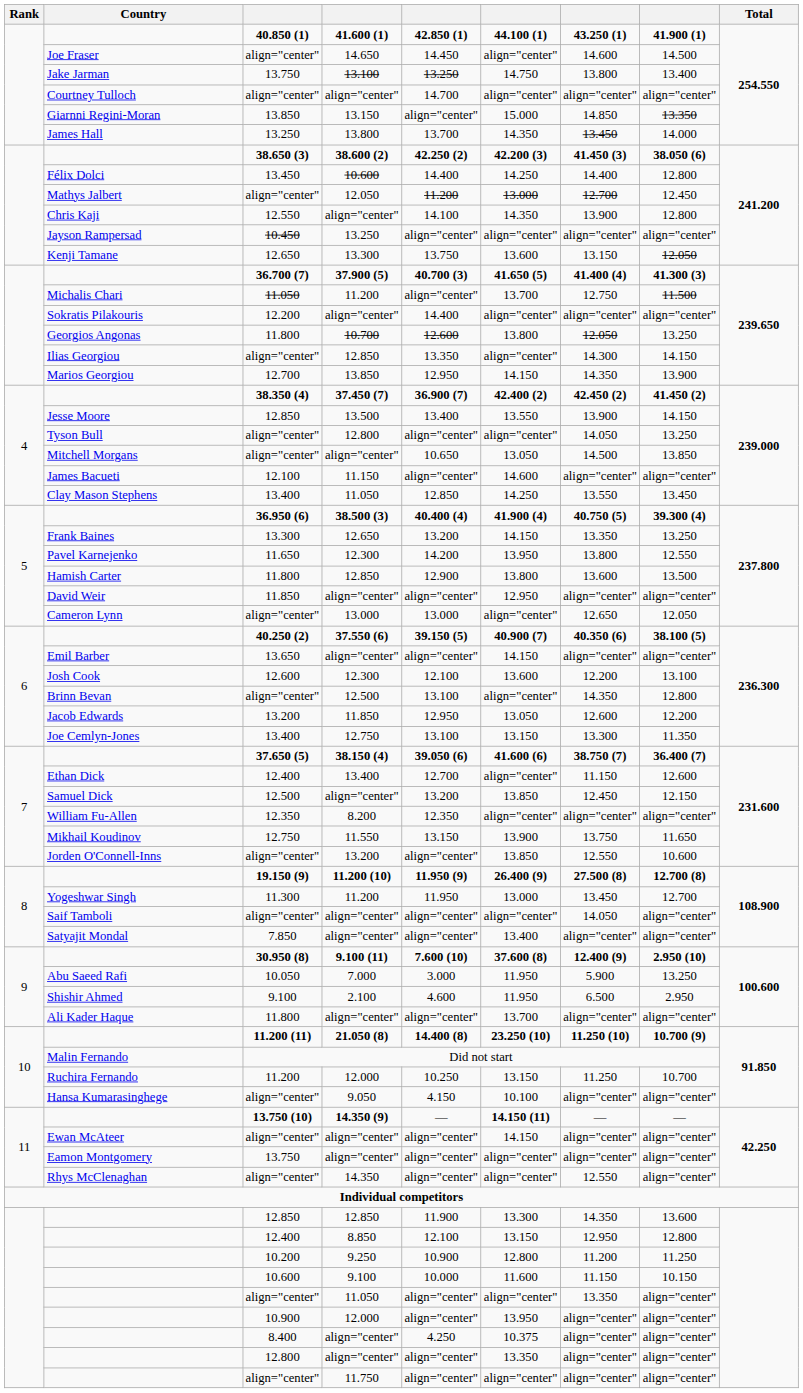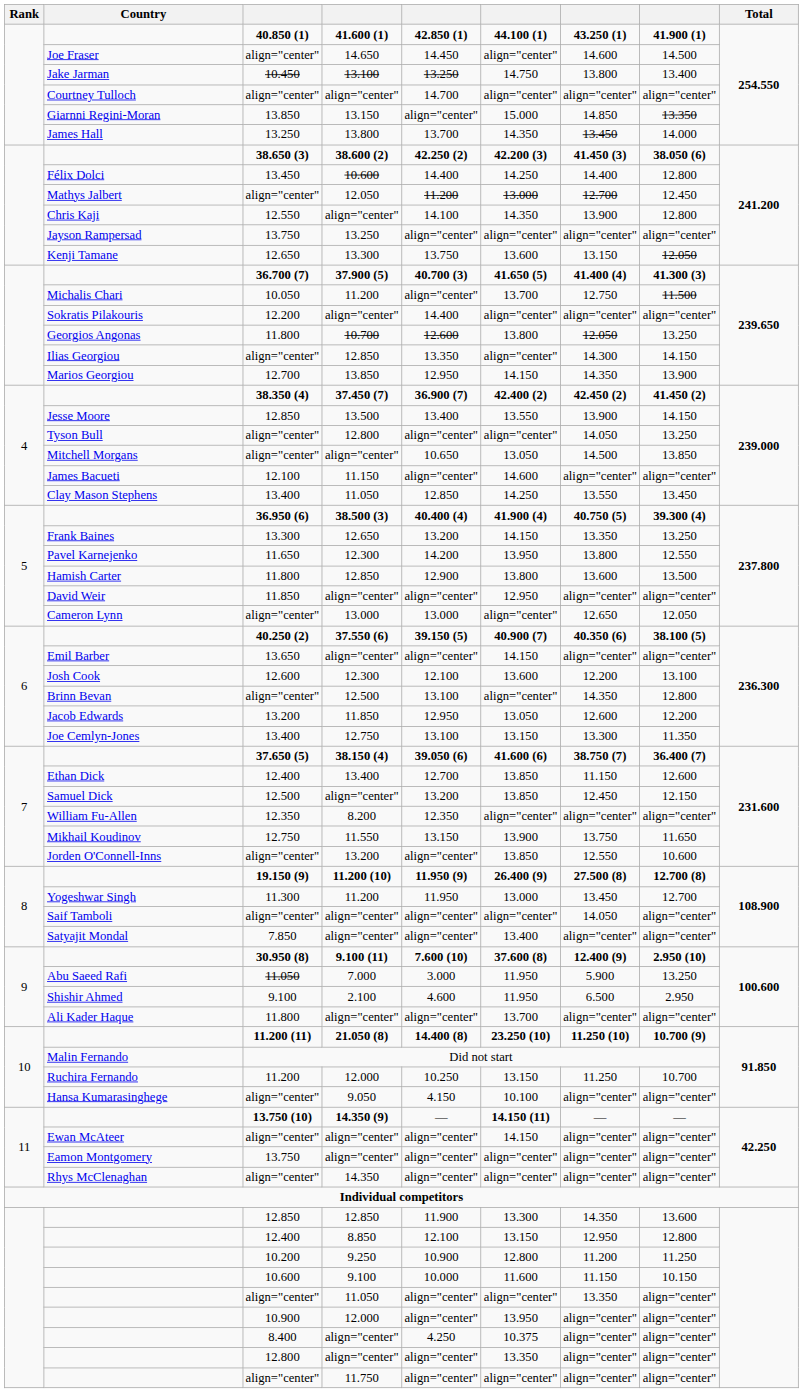 <table class="wikitable">
 <tr>
 <th width="5%">Rank</th>
 <th width="25%">Country</th>
 <th width="10%"></th>
 <th width="10%"></th>
 <th width="10%"></th>
 <th width="10%"></th>
 <th width="10%"></th>
 <th width="10%"></th>
 <th width="10%">Total</th>
 </tr>
 <tr>
 <td rowspan="6" align="center"></td>
 <td><strong></strong></td>
 <td align="center"><strong>40.850 (1)</strong></td>
 <td align="center"><strong>41.600 (1)</strong></td>
 <td align="center"><strong>42.850 (1)</strong></td>
 <td align="center"><strong>44.100 (1)</strong></td>
 <td align="center"><strong>43.250 (1)</strong></td>
 <td align="center"><strong>41.900 (1)</strong></td>
 <td rowspan="6" align="center"><strong>254.550</strong></td>
 </tr>
 <tr>
 <td><a href='#'>Joe Fraser</a></td>
 <td>align="center" </td>
 <td align="center">14.650</td>
 <td align="center">14.450</td>
 <td>align="center" </td>
 <td align="center">14.600</td>
 <td align="center">14.500</td>
 </tr>
 <tr>
 <td><a href='#'>Jake Jarman</a></td>
-<td align="center">13.750</td>
+<td align="center"><s>10.450</s></td>
 <td align="center"><s>13.100</s></td>
 <td align="center"><s>13.250</s></td>
 <td align="center">14.750</td>
 <td align="center">13.800</td>
 <td align="center">13.400</td>
 </tr>
 <tr>
 <td><a href='#'>Courtney Tulloch</a></td>
 <td>align="center" </td>
 <td>align="center" </td>
 <td align="center">14.700</td>
 <td>align="center" </td>
 <td>align="center" </td>
 <td>align="center" </td>
 </tr>
 <tr>
 <td><a href='#'>Giarnni Regini-Moran</a></td>
 <td align="center">13.850</td>
 <td align="center">13.150</td>
 <td>align="center" </td>
 <td align="center">15.000</td>
 <td align="center">14.850</td>
 <td align="center"><s>13.350</s></td>
 </tr>
 <tr>
 <td><a href='#'>James Hall</a></td>
 <td align="center">13.250</td>
 <td align="center">13.800</td>
 <td align="center">13.700</td>
 <td align="center">14.350</td>
 <td align="center"><s>13.450</s></td>
 <td align="center">14.000</td>
 </tr>
 <tr>
 <td rowspan="6" align="center"></td>
 <td><strong></strong></td>
 <td align="center"><strong>38.650 (3)</strong></td>
 <td align="center"><strong>38.600 (2)</strong></td>
 <td align="center"><strong>42.250 (2)</strong></td>
 <td align="center"><strong>42.200 (3)</strong></td>
 <td align="center"><strong>41.450 (3)</strong></td>
 <td align="center"><strong>38.050 (6)</strong></td>
 <td rowspan="6" align="center"><strong>241.200</strong></td>
 </tr>
 <tr>
 <td><a href='#'>Félix Dolci</a></td>
 <td align="center">13.450</td>
 <td align="center"><s>10.600</s></td>
 <td align="center">14.400</td>
 <td align="center">14.250</td>
 <td align="center">14.400</td>
 <td align="center">12.800</td>
 </tr>
 <tr>
 <td><a href='#'>Mathys Jalbert</a></td>
 <td>align="center" </td>
 <td align="center">12.050</td>
 <td align="center"><s>11.200</s></td>
 <td align="center"><s>13.000</s></td>
 <td align="center"><s>12.700</s></td>
 <td align="center">12.450</td>
 </tr>
 <tr>
 <td><a href='#'>Chris Kaji</a></td>
 <td align="center">12.550</td>
 <td>align="center" </td>
 <td align="center">14.100</td>
 <td align="center">14.350</td>
 <td align="center">13.900</td>
 <td align="center">12.800</td>
 </tr>
 <tr>
 <td><a href='#'>Jayson Rampersad</a></td>
-<td align="center"><s>10.450</s></td>
+<td align="center">13.750</td>
 <td align="center">13.250</td>
 <td>align="center" </td>
 <td>align="center" </td>
 <td>align="center" </td>
 <td>align="center" </td>
 </tr>
 <tr>
 <td><a href='#'>Kenji Tamane</a></td>
 <td align="center">12.650</td>
 <td align="center">13.300</td>
 <td align="center">13.750</td>
 <td align="center">13.600</td>
 <td align="center">13.150</td>
 <td align="center"><s>12.050</s></td>
 </tr>
 <tr>
 <td rowspan="6" align="center"></td>
 <td><strong></strong></td>
 <td align="center"><strong>36.700 (7)</strong></td>
 <td align="center"><strong>37.900 (5)</strong></td>
 <td align="center"><strong>40.700 (3)</strong></td>
 <td align="center"><strong>41.650 (5)</strong></td>
 <td align="center"><strong>41.400 (4)</strong></td>
 <td align="center"><strong>41.300 (3)</strong></td>
 <td rowspan="6" align="center"><strong>239.650</strong></td>
 </tr>
 <tr>
 <td><a href='#'>Michalis Chari</a></td>
-<td align="center"><s>11.050</s></td>
+<td align="center">10.050</td>
 <td align="center">11.200</td>
 <td>align="center" </td>
 <td align="center">13.700</td>
 <td align="center">12.750</td>
 <td align="center"><s>11.500</s></td>
 </tr>
 <tr>
 <td><a href='#'>Sokratis Pilakouris</a></td>
 <td align="center">12.200</td>
 <td>align="center" </td>
 <td align="center">14.400</td>
 <td>align="center" </td>
 <td>align="center" </td>
 <td>align="center" </td>
 </tr>
 <tr>
 <td><a href='#'>Georgios Angonas</a></td>
 <td align="center">11.800</td>
 <td align="center"><s>10.700</s></td>
 <td align="center"><s>12.600</s></td>
 <td align="center">13.800</td>
 <td align="center"><s>12.050</s></td>
 <td align="center">13.250</td>
 </tr>
 <tr>
 <td><a href='#'>Ilias Georgiou</a></td>
 <td>align="center" </td>
 <td align="center">12.850</td>
 <td align="center">13.350</td>
 <td>align="center" </td>
 <td align="center">14.300</td>
 <td align="center">14.150</td>
 </tr>
 <tr>
 <td><a href='#'>Marios Georgiou</a></td>
 <td align="center">12.700</td>
 <td align="center">13.850</td>
 <td align="center">12.950</td>
 <td align="center">14.150</td>
 <td align="center">14.350</td>
 <td align="center">13.900</td>
 </tr>
 <tr>
 <td rowspan="6" align="center">4</td>
 <td><strong></strong></td>
 <td align="center"><strong>38.350 (4)</strong></td>
 <td align="center"><strong>37.450 (7)</strong></td>
 <td align="center"><strong>36.900 (7)</strong></td>
 <td align="center"><strong>42.400 (2)</strong></td>
 <td align="center"><strong>42.450 (2)</strong></td>
 <td align="center"><strong>41.450 (2)</strong></td>
 <td rowspan="6" align="center"><strong>239.000</strong></td>
 </tr>
 <tr>
 <td><a href='#'>Jesse Moore</a></td>
 <td align="center">12.850</td>
 <td align="center">13.500</td>
 <td align="center">13.400</td>
 <td align="center">13.550</td>
 <td align="center">13.900</td>
 <td align="center">14.150</td>
 </tr>
 <tr>
 <td><a href='#'>Tyson Bull</a></td>
 <td>align="center" </td>
 <td align="center">12.800</td>
 <td>align="center" </td>
 <td>align="center" </td>
 <td align="center">14.050</td>
 <td align="center">13.250</td>
 </tr>
 <tr>
 <td><a href='#'>Mitchell Morgans</a></td>
 <td>align="center" </td>
 <td>align="center" </td>
 <td align="center">10.650</td>
 <td align="center">13.050</td>
 <td align="center">14.500</td>
 <td align="center">13.850</td>
 </tr>
 <tr>
 <td><a href='#'>James Bacueti</a></td>
 <td align="center">12.100</td>
 <td align="center">11.150</td>
 <td>align="center" </td>
 <td align="center">14.600</td>
 <td>align="center" </td>
 <td>align="center" </td>
 </tr>
 <tr>
 <td><a href='#'>Clay Mason Stephens</a></td>
 <td align="center">13.400</td>
 <td align="center">11.050</td>
 <td align="center">12.850</td>
 <td align="center">14.250</td>
 <td align="center">13.550</td>
 <td align="center">13.450</td>
 </tr>
 <tr>
 <td rowspan="6" align="center">5</td>
 <td><strong></strong></td>
 <td align="center"><strong>36.950 (6)</strong></td>
 <td align="center"><strong>38.500 (3)</strong></td>
 <td align="center"><strong>40.400 (4)</strong></td>
 <td align="center"><strong>41.900 (4)</strong></td>
 <td align="center"><strong>40.750 (5)</strong></td>
 <td align="center"><strong>39.300 (4)</strong></td>
 <td rowspan="6" align="center"><strong>237.800</strong></td>
 </tr>
 <tr>
 <td><a href='#'>Frank Baines</a></td>
 <td align="center">13.300</td>
 <td align="center">12.650</td>
 <td align="center">13.200</td>
 <td align="center">14.150</td>
 <td align="center">13.350</td>
 <td align="center">13.250</td>
 </tr>
 <tr>
 <td><a href='#'>Pavel Karnejenko</a></td>
 <td align="center">11.650</td>
 <td align="center">12.300</td>
 <td align="center">14.200</td>
 <td align="center">13.950</td>
 <td align="center">13.800</td>
 <td align="center">12.550</td>
 </tr>
 <tr>
 <td><a href='#'>Hamish Carter</a></td>
 <td align="center">11.800</td>
 <td align="center">12.850</td>
 <td align="center">12.900</td>
 <td align="center">13.800</td>
 <td align="center">13.600</td>
 <td align="center">13.500</td>
 </tr>
 <tr>
 <td><a href='#'>David Weir</a></td>
 <td align="center">11.850</td>
 <td>align="center" </td>
 <td>align="center" </td>
 <td align="center">12.950</td>
 <td>align="center" </td>
 <td>align="center" </td>
 </tr>
 <tr>
 <td><a href='#'>Cameron Lynn</a></td>
 <td>align="center" </td>
 <td align="center">13.000</td>
 <td align="center">13.000</td>
 <td>align="center" </td>
 <td align="center">12.650</td>
 <td align="center">12.050</td>
 </tr>
 <tr>
 <td rowspan="6" align="center">6</td>
 <td><strong></strong></td>
 <td align="center"><strong>40.250 (2)</strong></td>
 <td align="center"><strong>37.550 (6)</strong></td>
 <td align="center"><strong>39.150 (5)</strong></td>
 <td align="center"><strong>40.900 (7)</strong></td>
 <td align="center"><strong>40.350 (6)</strong></td>
 <td align="center"><strong>38.100 (5)</strong></td>
 <td rowspan="6" align="center"><strong>236.300</strong></td>
 </tr>
 <tr>
 <td><a href='#'>Emil Barber</a></td>
 <td align="center">13.650</td>
 <td>align="center" </td>
 <td>align="center" </td>
 <td align="center">14.150</td>
 <td>align="center" </td>
 <td>align="center" </td>
 </tr>
 <tr>
 <td><a href='#'>Josh Cook</a></td>
 <td align="center">12.600</td>
 <td align="center">12.300</td>
 <td align="center">12.100</td>
 <td align="center">13.600</td>
 <td align="center">12.200</td>
 <td align="center">13.100</td>
 </tr>
 <tr>
 <td><a href='#'>Brinn Bevan</a></td>
 <td>align="center" </td>
 <td align="center">12.500</td>
 <td align="center">13.100</td>
 <td>align="center" </td>
 <td align="center">14.350</td>
 <td align="center">12.800</td>
 </tr>
 <tr>
 <td><a href='#'>Jacob Edwards</a></td>
 <td align="center">13.200</td>
 <td align="center">11.850</td>
 <td align="center">12.950</td>
 <td align="center">13.050</td>
 <td align="center">12.600</td>
 <td align="center">12.200</td>
 </tr>
 <tr>
 <td><a href='#'>Joe Cemlyn-Jones</a></td>
 <td align="center">13.400</td>
 <td align="center">12.750</td>
 <td align="center">13.100</td>
 <td align="center">13.150</td>
 <td align="center">13.300</td>
 <td align="center">11.350</td>
 </tr>
 <tr>
 <td rowspan="6" align="center">7</td>
 <td><strong></strong></td>
 <td align="center"><strong>37.650 (5)</strong></td>
 <td align="center"><strong>38.150 (4)</strong></td>
 <td align="center"><strong>39.050 (6)</strong></td>
 <td align="center"><strong>41.600 (6)</strong></td>
 <td align="center"><strong>38.750 (7)</strong></td>
 <td align="center"><strong>36.400 (7)</strong></td>
 <td rowspan="6" align="center"><strong>231.600</strong></td>
 </tr>
 <tr>
 <td><a href='#'>Ethan Dick</a></td>
 <td align="center">12.400</td>
 <td align="center">13.400</td>
 <td align="center">12.700</td>
-<td>align="center" </td>
+<td align="center">13.850</td>
 <td align="center">11.150</td>
 <td align="center">12.600</td>
 </tr>
 <tr>
 <td><a href='#'>Samuel Dick</a></td>
 <td align="center">12.500</td>
 <td>align="center" </td>
 <td align="center">13.200</td>
 <td align="center">13.850</td>
 <td align="center">12.450</td>
 <td align="center">12.150</td>
 </tr>
 <tr>
 <td><a href='#'>William Fu-Allen</a></td>
 <td align="center">12.350</td>
 <td align="center">8.200</td>
 <td align="center">12.350</td>
 <td>align="center" </td>
 <td>align="center" </td>
 <td>align="center" </td>
 </tr>
 <tr>
 <td><a href='#'>Mikhail Koudinov</a></td>
 <td align="center">12.750</td>
 <td align="center">11.550</td>
 <td align="center">13.150</td>
 <td align="center">13.900</td>
 <td align="center">13.750</td>
 <td align="center">11.650</td>
 </tr>
 <tr>
 <td><a href='#'>Jorden O'Connell-Inns</a></td>
 <td>align="center" </td>
 <td align="center">13.200</td>
 <td>align="center" </td>
 <td align="center">13.850</td>
 <td align="center">12.550</td>
 <td align="center">10.600</td>
 </tr>
 <tr>
 <td rowspan="4" align="center">8</td>
 <td><strong></strong></td>
 <td align="center"><strong>19.150 (9)</strong></td>
 <td align="center"><strong>11.200 (10)</strong></td>
 <td align="center"><strong>11.950 (9)</strong></td>
 <td align="center"><strong>26.400 (9)</strong></td>
 <td align="center"><strong>27.500 (8)</strong></td>
 <td align="center"><strong>12.700 (8)</strong></td>
 <td rowspan="4" align="center"><strong>108.900</strong></td>
 </tr>
 <tr>
 <td><a href='#'>Yogeshwar Singh</a></td>
 <td align="center">11.300</td>
 <td align="center">11.200</td>
 <td align="center">11.950</td>
 <td align="center">13.000</td>
 <td align="center">13.450</td>
 <td align="center">12.700</td>
 </tr>
 <tr>
 <td><a href='#'>Saif Tamboli</a></td>
 <td>align="center" </td>
 <td>align="center" </td>
 <td>align="center" </td>
 <td>align="center" </td>
 <td align="center">14.050</td>
 <td>align="center" </td>
 </tr>
 <tr>
 <td><a href='#'>Satyajit Mondal</a></td>
 <td align="center">7.850</td>
 <td>align="center" </td>
 <td>align="center" </td>
 <td align="center">13.400</td>
 <td>align="center" </td>
 <td>align="center" </td>
 </tr>
 <tr>
 <td rowspan="4" align="center">9</td>
 <td><strong></strong></td>
 <td align="center"><strong>30.950 (8)</strong></td>
 <td align="center"><strong>9.100 (11)</strong></td>
 <td align="center"><strong>7.600 (10)</strong></td>
 <td align="center"><strong>37.600 (8)</strong></td>
 <td align="center"><strong>12.400 (9)</strong></td>
 <td align="center"><strong>2.950 (10)</strong></td>
 <td rowspan="4" align="center"><strong>100.600</strong></td>
 </tr>
 <tr>
 <td><a href='#'>Abu Saeed Rafi</a></td>
-<td align="center">10.050</td>
+<td align="center"><s>11.050</s></td>
 <td align="center">7.000</td>
 <td align="center">3.000</td>
 <td align="center">11.950</td>
 <td align="center">5.900</td>
 <td align="center">13.250</td>
 </tr>
 <tr>
 <td><a href='#'>Shishir Ahmed</a></td>
 <td align="center">9.100</td>
 <td align="center">2.100</td>
 <td align="center">4.600</td>
 <td align="center">11.950</td>
 <td align="center">6.500</td>
 <td align="center">2.950</td>
 </tr>
 <tr>
 <td><a href='#'>Ali Kader Haque</a></td>
 <td align="center">11.800</td>
 <td>align="center" </td>
 <td>align="center" </td>
 <td align="center">13.700</td>
 <td>align="center" </td>
 <td>align="center" </td>
 </tr>
 <tr>
 <td rowspan="4" align="center">10</td>
 <td><strong></strong></td>
 <td align="center"><strong>11.200 (11)</strong></td>
 <td align="center"><strong>21.050 (8)</strong></td>
 <td align="center"><strong>14.400 (8)</strong></td>
 <td align="center"><strong>23.250 (10)</strong></td>
 <td align="center"><strong>11.250 (10)</strong></td>
 <td align="center"><strong>10.700 (9)</strong></td>
 <td rowspan="4" align="center"><strong>91.850</strong></td>
 </tr>
 <tr>
 <td><a href='#'>Malin Fernando</a></td>
 <td align=center colspan=6>Did not start</td>
 </tr>
 <tr>
 <td><a href='#'>Ruchira Fernando</a></td>
 <td align="center">11.200</td>
 <td align="center">12.000</td>
 <td align="center">10.250</td>
 <td align="center">13.150</td>
 <td align="center">11.250</td>
 <td align="center">10.700</td>
 </tr>
 <tr>
 <td><a href='#'>Hansa Kumarasinghege</a></td>
 <td>align="center" </td>
 <td align="center">9.050</td>
 <td align="center">4.150</td>
 <td align="center">10.100</td>
 <td>align="center" </td>
 <td>align="center" </td>
 </tr>
 <tr>
 <td rowspan="4" align="center">11</td>
 <td><strong></strong></td>
 <td align="center"><strong>13.750 (10)</strong></td>
 <td align="center"><strong>14.350 (9)</strong></td>
 <td align="center">—</td>
 <td align="center"><strong>14.150 (11)</strong></td>
 <td align="center">—</td>
 <td align="center">—</td>
 <td rowspan="4" align="center"><strong>42.250</strong></td>
 </tr>
 <tr>
 <td><a href='#'>Ewan McAteer</a></td>
 <td>align="center" </td>
 <td>align="center" </td>
 <td>align="center" </td>
 <td align="center">14.150</td>
 <td>align="center" </td>
 <td>align="center" </td>
 </tr>
 <tr>
 <td><a href='#'>Eamon Montgomery</a></td>
 <td align="center">13.750</td>
 <td>align="center" </td>
 <td>align="center" </td>
 <td>align="center" </td>
 <td>align="center" </td>
 <td>align="center" </td>
 </tr>
 <tr>
 <td><a href='#'>Rhys McClenaghan</a></td>
 <td>align="center" </td>
 <td align="center">14.350</td>
 <td>align="center" </td>
 <td>align="center" </td>
-<td align="center">12.550</td>
+<td>align="center" </td>
 <td>align="center" </td>
 </tr>
 <tr>
 <td colspan="9" align="center"><strong>Individual competitors</strong></td>
 </tr>
 <tr>
 <td rowspan=9></td>
 <td></td>
 <td align="center">12.850</td>
 <td align="center">12.850</td>
 <td align="center">11.900</td>
 <td align="center">13.300</td>
 <td align="center">14.350</td>
 <td align="center">13.600</td>
 </tr>
 <tr>
 <td></td>
 <td align="center">12.400</td>
 <td align="center">8.850</td>
 <td align="center">12.100</td>
 <td align="center">13.150</td>
 <td align="center">12.950</td>
 <td align="center">12.800</td>
 </tr>
 <tr>
 <td></td>
 <td align="center">10.200</td>
 <td align="center">9.250</td>
 <td align="center">10.900</td>
 <td align="center">12.800</td>
 <td align="center">11.200</td>
 <td align="center">11.250</td>
 </tr>
 <tr>
 <td></td>
 <td align="center">10.600</td>
 <td align="center">9.100</td>
 <td align="center">10.000</td>
 <td align="center">11.600</td>
 <td align="center">11.150</td>
 <td align="center">10.150</td>
 </tr>
 <tr>
 <td></td>
 <td>align="center" </td>
 <td align="center">11.050</td>
 <td>align="center" </td>
 <td>align="center" </td>
 <td align="center">13.350</td>
 <td>align="center" </td>
 </tr>
 <tr>
 <td></td>
 <td align="center">10.900</td>
 <td align="center">12.000</td>
 <td>align="center" </td>
 <td align="center">13.950</td>
 <td>align="center" </td>
 <td>align="center" </td>
 </tr>
 <tr>
 <td></td>
 <td align="center">8.400</td>
 <td>align="center" </td>
 <td align="center">4.250</td>
 <td align="center">10.375</td>
 <td>align="center" </td>
 <td>align="center" </td>
 </tr>
 <tr>
 <td></td>
 <td align="center">12.800</td>
 <td>align="center" </td>
 <td>align="center" </td>
 <td align="center">13.350</td>
 <td>align="center" </td>
 <td>align="center" </td>
 </tr>
 <tr>
 <td></td>
 <td>align="center" </td>
 <td align="center">11.750</td>
 <td>align="center" </td>
 <td>align="center" </td>
 <td>align="center" </td>
 <td>align="center" </td>
 </tr>
 </table>
